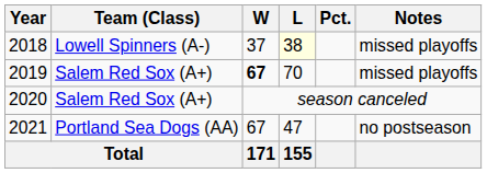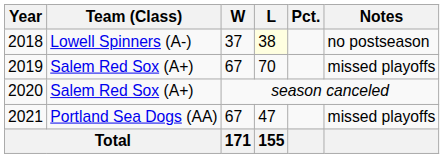 <table class="wikitable sortable">
 <tr>
 <th>Year</th>
 <th>Team (Class)</th>
 <th>W</th>
 <th>L</th>
 <th>Pct.</th>
 <th>Notes</th>
 </tr>
 <tr>
 <td>2018</td>
 <td><a href='#'>Lowell Spinners</a> (A-)</td>
 <td>37</td>
 <td style="background: lightyellow;">38</td>
 <td></td>
-<td>missed playoffs</td>
+<td>no postseason</td>
 </tr>
 <tr>
 <td>2019</td>
 <td><a href='#'>Salem Red Sox</a> (A+)</td>
-<td><strong>67</strong></td>
+<td>67</td>
 <td>70</td>
 <td></td>
 <td>missed playoffs</td>
 </tr>
 <tr>
 <td>2020</td>
 <td><a href='#'>Salem Red Sox</a> (A+)</td>
 <td colspan=4 align=center><em>season canceled</em></td>
 </tr>
 <tr>
 <td>2021</td>
 <td><a href='#'>Portland Sea Dogs</a> (AA)</td>
 <td>67</td>
 <td>47</td>
 <td></td>
-<td>no postseason</td>
+<td>missed playoffs</td>
 </tr>
 <tr>
 <th colspan=2>Total</th>
 <th>171</th>
 <th>155</th>
 <th></th>
 <th></th>
 </tr>
 </table>
